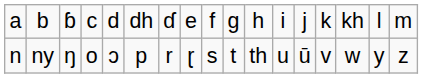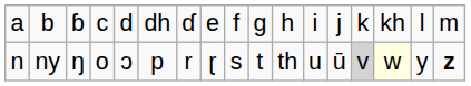 <table class="wikitable" style="text-align: center;">
 <tr>
 <td>a</td>
 <td>b</td>
 <td>ɓ</td>
 <td>c</td>
 <td>d</td>
 <td>dh</td>
 <td>ɗ</td>
 <td>e</td>
 <td>f</td>
 <td>g</td>
 <td>h</td>
 <td>i</td>
 <td>j</td>
 <td>k</td>
 <td>kh</td>
 <td>l</td>
 <td>m</td>
 </tr>
 <tr>
 <td>n</td>
 <td>ny</td>
 <td>ŋ</td>
 <td>o</td>
 <td>ɔ</td>
 <td>p</td>
 <td>r</td>
 <td>ɽ</td>
 <td>s</td>
 <td>t</td>
 <td>th</td>
 <td>u</td>
 <td>ū</td>
-<td>v</td>
-<td>w</td>
+<td style="background: lightgrey;">v</td>
+<td style="background: lightyellow;">w</td>
 <td>y</td>
-<td>z</td>
+<td><strong>z</strong></td>
 </tr>
 </table>
